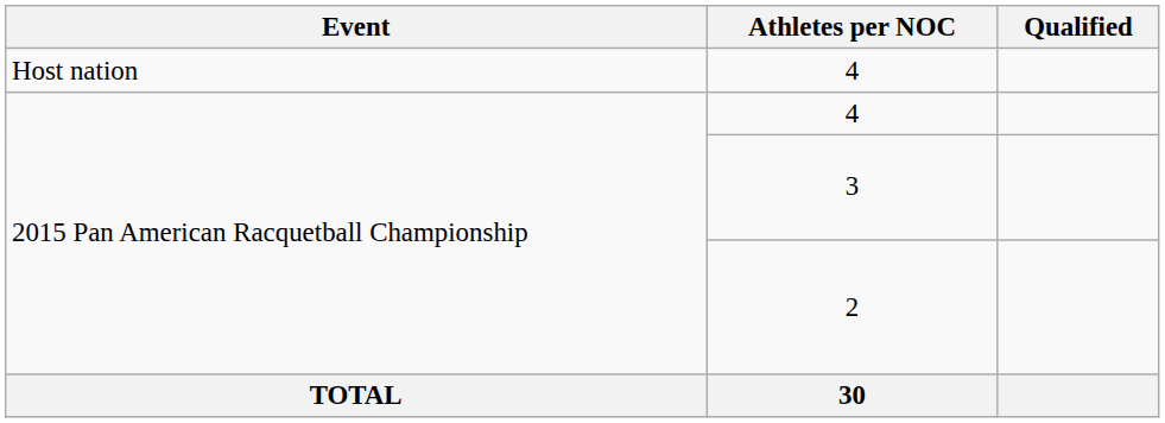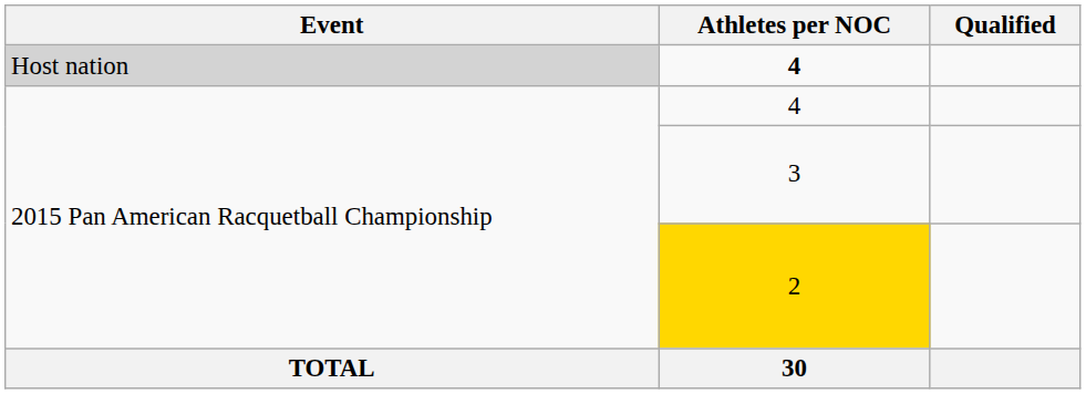 <table class="wikitable" width=680>
 <tr>
 <th>Event</th>
 <th>Athletes per NOC</th>
 <th>Qualified</th>
 </tr>
 <tr>
-<td>Host nation</td>
-<td align=center>4</td>
+<td style="background: lightgrey;">Host nation</td>
+<td align=center><strong>4</strong></td>
 <td></td>
 </tr>
 <tr>
 <td rowspan="3">2015 Pan American Racquetball Championship</td>
 <td align=center>4</td>
 <td></td>
 </tr>
 <tr>
 <td align=center>3</td>
 <td><br><br><br></td>
 </tr>
 <tr>
-<td align=center>2</td>
+<td align=center style="background: gold;">2</td>
 <td><br><br><br><br></td>
 </tr>
 <tr>
 <th>TOTAL</th>
 <th>30</th>
 <th></th>
 </tr>
 </table>
